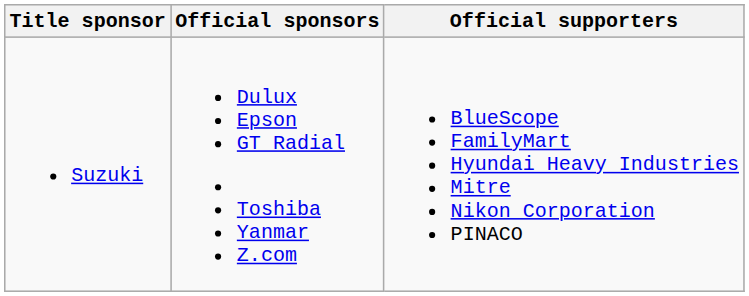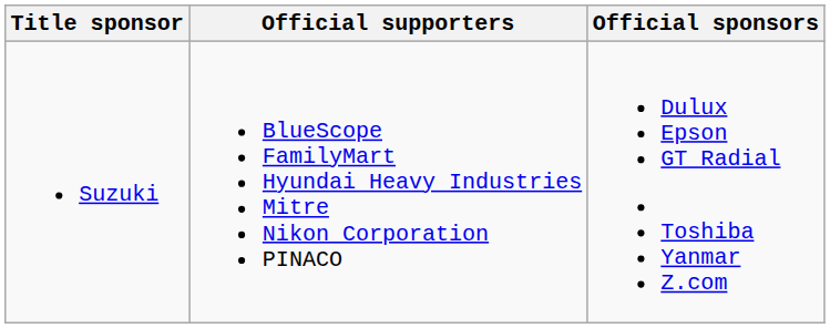 <table class="wikitable">
 <tr>
 <th>Title sponsor</th>
+<th>Official supporters</th>
 <th>Official sponsors</th>
-<th>Official supporters</th>
 </tr>
 <tr>
 <td><br><ul><li><a href='#'>Suzuki</a></li></ul></td>
+<td><br><ul><li><a href='#'>BlueScope</a></li><li><a href='#'>FamilyMart</a></li><li><a href='#'>Hyundai Heavy Industries</a></li><li><a href='#'>Mitre</a></li><li><a href='#'>Nikon Corporation</a></li><li>PINACO</li></ul></td>
 <td><br> <ul><li><a href='#'>Dulux</a></li><li><a href='#'>Epson</a></li><li><a href='#'>GT Radial</a></li></ul><ul><li></li><li><a href='#'>Toshiba</a></li><li><a href='#'>Yanmar</a></li><li><a href='#'>Z.com</a></li></ul></td>
-<td><br><ul><li><a href='#'>BlueScope</a></li><li><a href='#'>FamilyMart</a></li><li><a href='#'>Hyundai Heavy Industries</a></li><li><a href='#'>Mitre</a></li><li><a href='#'>Nikon Corporation</a></li><li>PINACO</li></ul></td>
 </tr>
 </table>
